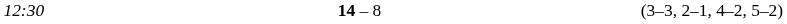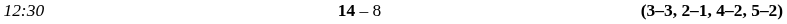 <table style="text-align:center">
 <tr>
 <th width=100></th>
 <th width=200></th>
 <th width=100></th>
 <th width=200></th>
 </tr>
 <tr>
 <td><em>12:30</em></td>
 <td align=right><strong></strong></td>
 <td><strong>14</strong> – 8</td>
 <td align=left></td>
-<td>(3–3, 2–1, 4–2, 5–2)</td>
+<td><strong>(3–3, 2–1, 4–2, 5–2)</strong></td>
 </tr>
 </table>
